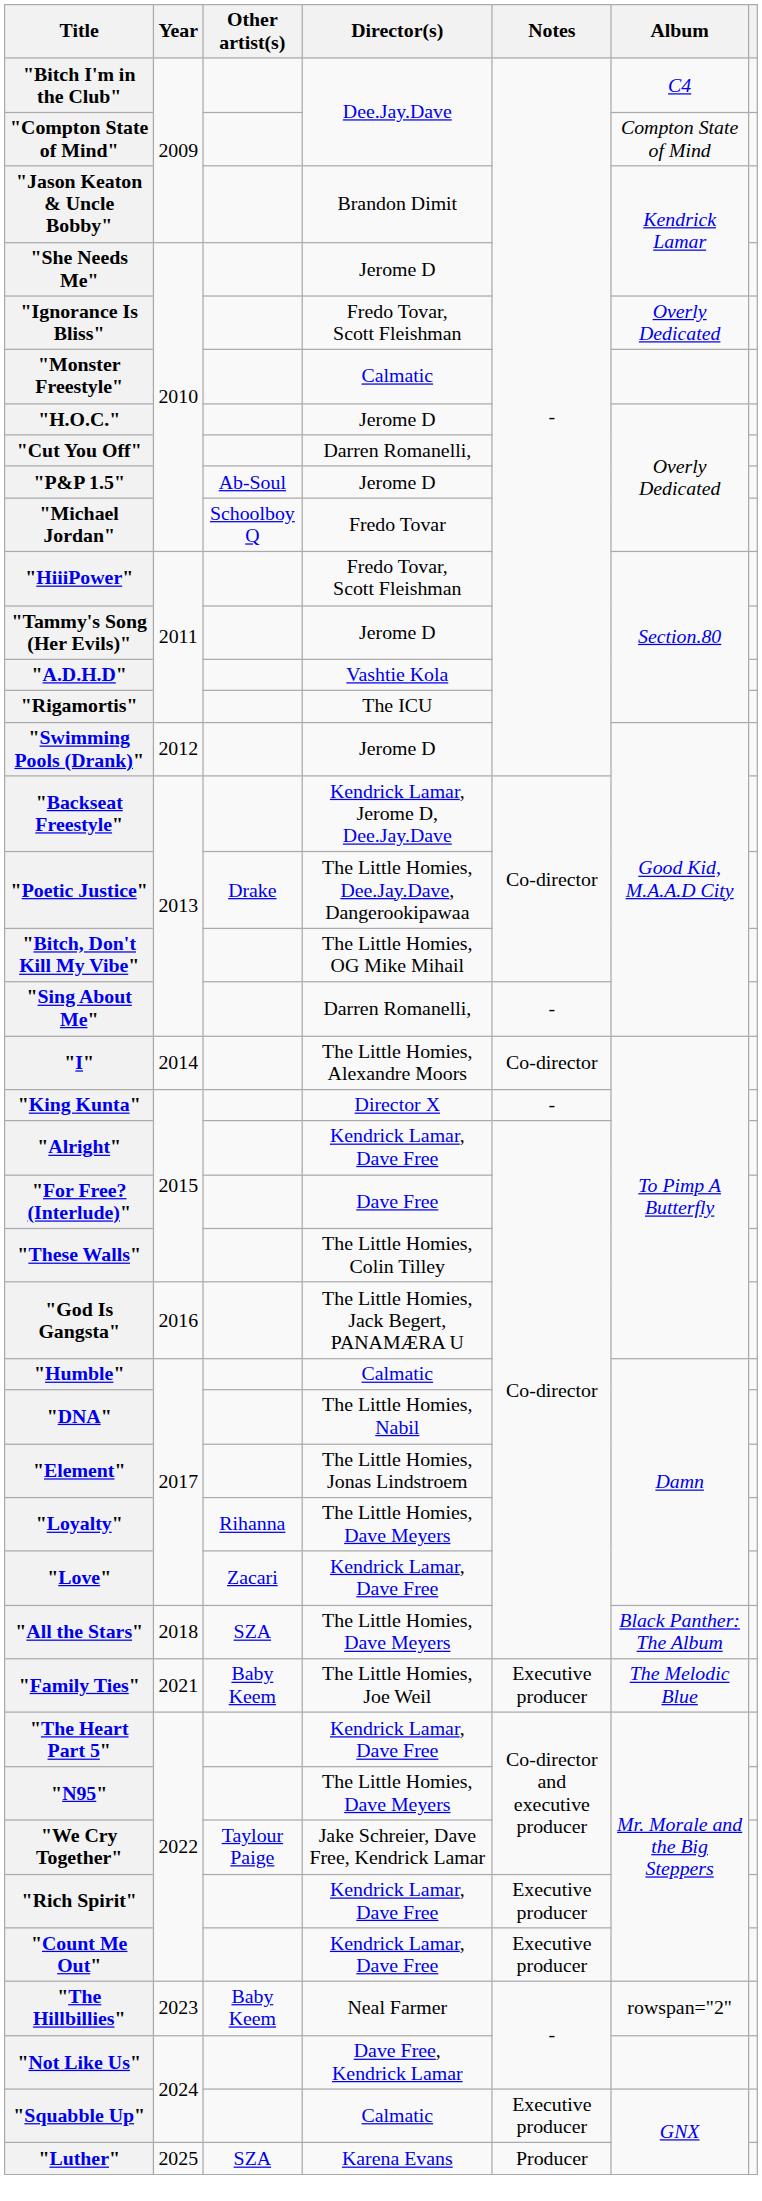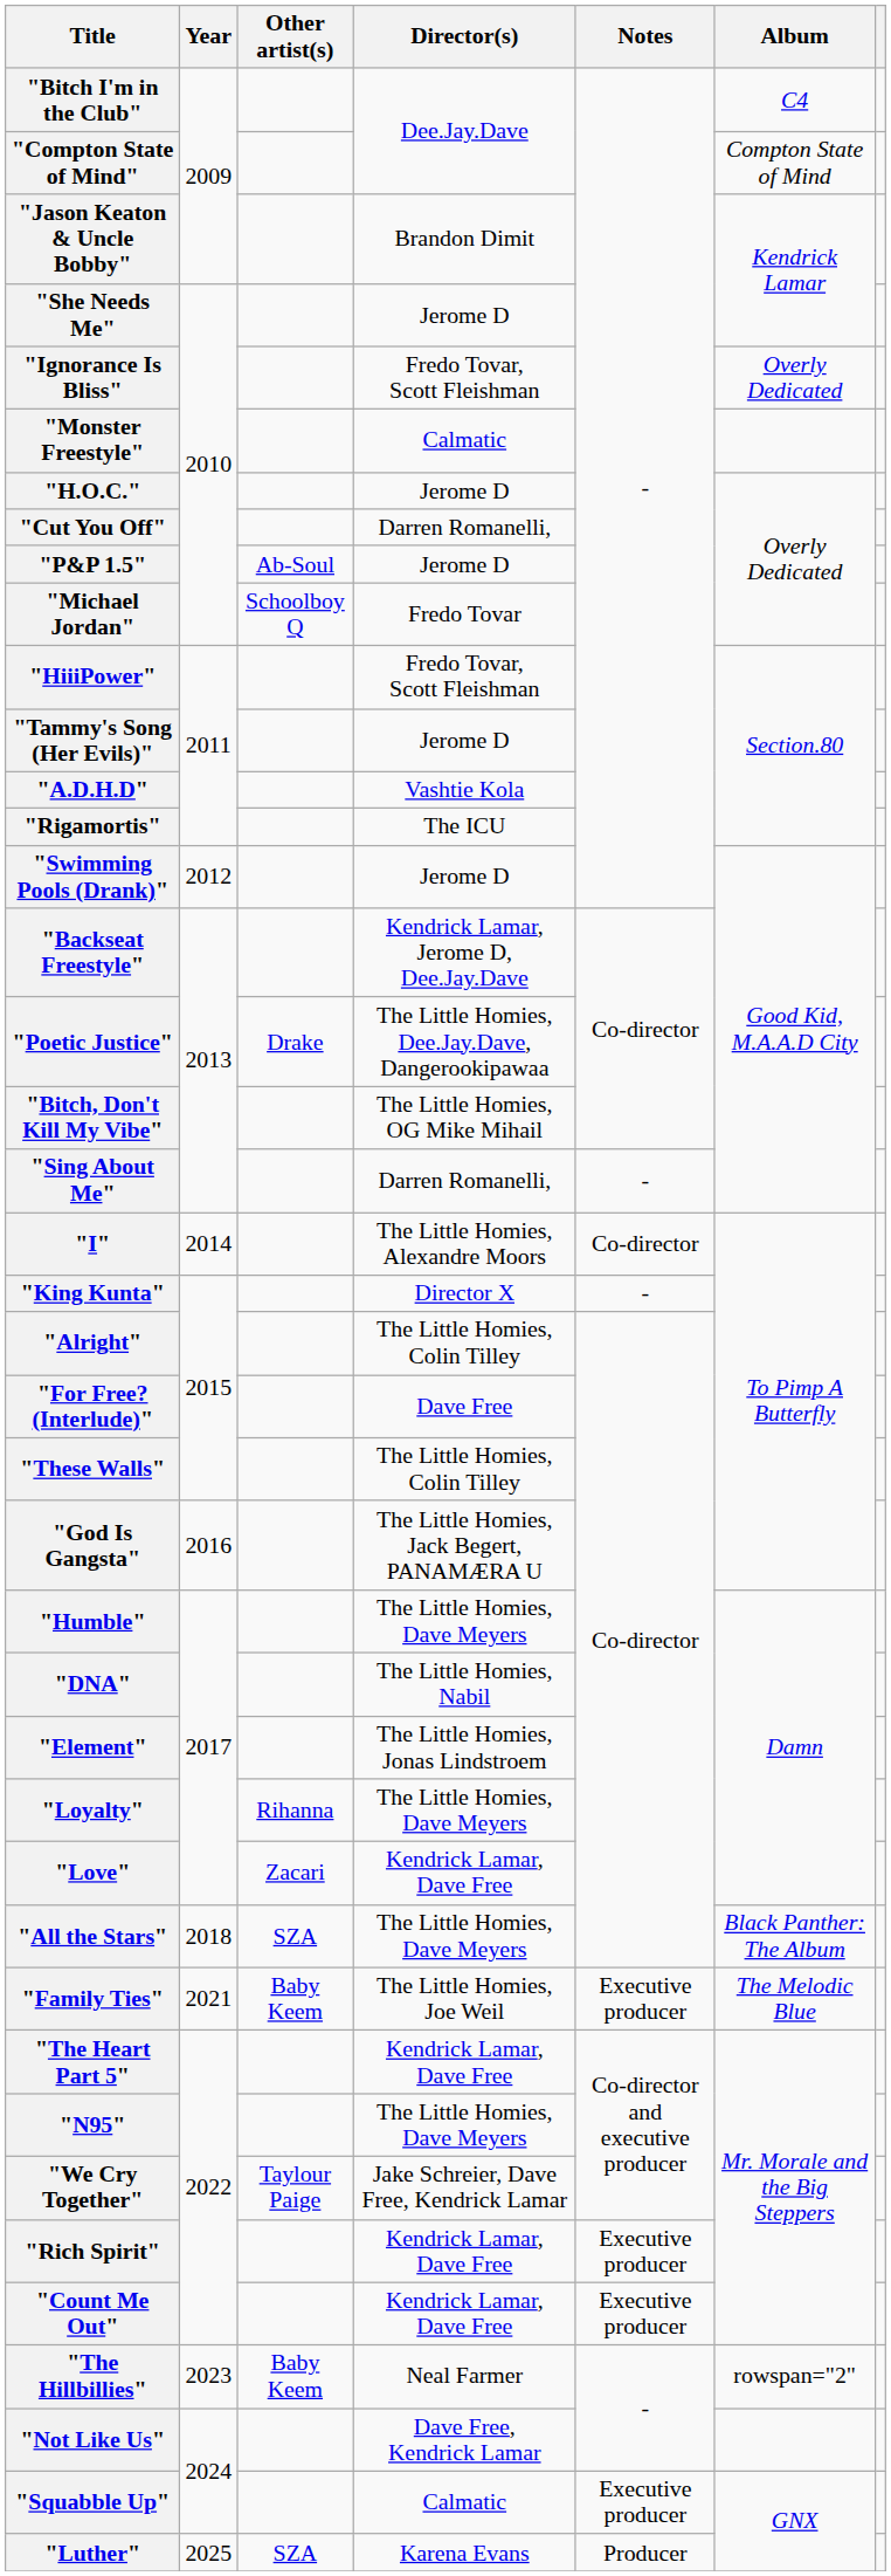 <table class="wikitable sortable plainrowheaders" style="text-align:center;">
 <tr>
 <th scope="col">Title</th>
 <th scope="col">Year</th>
 <th scope="col">Other artist(s)</th>
 <th scope="col">Director(s)</th>
 <th scope="col">Notes</th>
 <th scope="col">Album</th>
 <th scope="col" class=unsortable></th>
 </tr>
 <tr>
 <th scope="row">"Bitch I'm in the Club"</th>
 <td rowspan="3">2009</td>
 <td></td>
 <td rowspan="2"><a href='#'>Dee.Jay.Dave</a></td>
 <td rowspan="15">-</td>
 <td><em><a href='#'>C4</a></em></td>
 <td align="center"></td>
 </tr>
 <tr>
 <th scope="row">"Compton State of Mind"</th>
 <td></td>
 <td><em>Compton State of Mind</em></td>
 <td></td>
 </tr>
 <tr>
 <th scope="row">"Jason Keaton & Uncle Bobby"</th>
 <td></td>
 <td>Brandon Dimit</td>
 <td rowspan="2"><em><a href='#'>Kendrick Lamar</a></em></td>
 <td></td>
 </tr>
 <tr>
 <th scope="row">"She Needs Me"</th>
 <td rowspan="7">2010</td>
 <td></td>
 <td align="center">Jerome D</td>
 <td></td>
 </tr>
 <tr>
 <th scope="row">"Ignorance Is Bliss"</th>
 <td></td>
 <td>Fredo Tovar,<br>Scott Fleishman</td>
 <td><em><a href='#'>Overly Dedicated</a></em></td>
 <td></td>
 </tr>
 <tr>
 <th scope="row">"Monster Freestyle"</th>
 <td></td>
 <td><a href='#'>Calmatic</a></td>
 <td></td>
 <td></td>
 </tr>
 <tr>
 <th scope="row">"H.O.C."</th>
 <td></td>
 <td>Jerome D</td>
 <td rowspan="4"><em>Overly Dedicated</em></td>
 <td></td>
 </tr>
 <tr>
 <th scope="row">"Cut You Off"</th>
 <td></td>
 <td>Darren Romanelli,</td>
 <td></td>
 </tr>
 <tr>
 <th scope="row">"P&P 1.5"</th>
 <td><a href='#'>Ab-Soul</a></td>
 <td>Jerome D</td>
 <td></td>
 </tr>
 <tr>
 <th scope="row">"Michael Jordan"</th>
 <td><a href='#'>Schoolboy Q</a></td>
 <td>Fredo Tovar</td>
 <td align="center"></td>
 </tr>
 <tr>
 <th scope="row">"<a href='#'>HiiiPower</a>"</th>
 <td rowspan="4">2011</td>
 <td></td>
 <td>Fredo Tovar,<br>Scott Fleishman</td>
 <td rowspan="4"><em><a href='#'>Section.80</a></em></td>
 <td></td>
 </tr>
 <tr>
 <th scope="row">"Tammy's Song (Her Evils)"</th>
 <td></td>
 <td>Jerome D</td>
 <td></td>
 </tr>
 <tr>
 <th scope="row">"<a href='#'>A.D.H.D</a>"</th>
 <td></td>
 <td><a href='#'>Vashtie Kola</a></td>
 <td></td>
 </tr>
 <tr>
 <th scope="row">"Rigamortis"</th>
 <td></td>
 <td>The ICU</td>
 <td></td>
 </tr>
 <tr>
 <th scope="row">"<a href='#'>Swimming Pools (Drank)</a>"</th>
 <td>2012</td>
 <td></td>
 <td>Jerome D</td>
 <td rowspan="5"><em><a href='#'>Good Kid, M.A.A.D City</a></em></td>
 <td></td>
 </tr>
 <tr>
 <th scope="row">"<a href='#'>Backseat Freestyle</a>"</th>
 <td rowspan="4">2013</td>
 <td></td>
 <td><a href='#'>Kendrick Lamar</a>,<br>Jerome D,<br><a href='#'>Dee.Jay.Dave</a></td>
 <td rowspan="3">Co-director</td>
 <td></td>
 </tr>
 <tr>
 <th scope="row">"<a href='#'>Poetic Justice</a>"</th>
 <td><a href='#'>Drake</a></td>
 <td>The Little Homies,<br><a href='#'>Dee.Jay.Dave</a>,<br>Dangerookipawaa</td>
 <td></td>
 </tr>
 <tr>
 <th scope="row">"<a href='#'>Bitch, Don't Kill My Vibe</a>"</th>
 <td></td>
 <td>The Little Homies,<br>OG Mike Mihail</td>
 <td></td>
 </tr>
 <tr>
 <th scope="row">"<a href='#'>Sing About Me</a>"</th>
 <td></td>
 <td>Darren Romanelli,</td>
 <td>-</td>
 <td></td>
 </tr>
 <tr>
 <th scope="row">"<a href='#'>I</a>"</th>
 <td>2014</td>
 <td></td>
 <td>The Little Homies,<br>Alexandre Moors</td>
 <td>Co-director</td>
 <td rowspan="6"><em><a href='#'>To Pimp A Butterfly</a></em></td>
 <td></td>
 </tr>
 <tr>
 <th scope="row">"<a href='#'>King Kunta</a>"</th>
 <td rowspan="4">2015</td>
 <td></td>
 <td><a href='#'>Director X</a></td>
 <td>-</td>
 <td></td>
 </tr>
 <tr>
 <th scope="row">"<a href='#'>Alright</a>"</th>
 <td></td>
-<td><a href='#'>Kendrick Lamar</a>,<br><a href='#'>Dave Free</a></td>
+<td>The Little Homies,<br>Colin Tilley</td>
 <td rowspan="10">Co-director</td>
 <td></td>
 </tr>
 <tr>
 <th scope="row">"<a href='#'>For Free? (Interlude)</a>"</th>
 <td></td>
 <td><a href='#'>Dave Free</a></td>
 <td></td>
 </tr>
 <tr>
 <th scope="row">"<a href='#'>These Walls</a>"</th>
 <td></td>
 <td>The Little Homies,<br>Colin Tilley</td>
 <td></td>
 </tr>
 <tr>
 <th>"God Is Gangsta"</th>
 <td>2016</td>
 <td></td>
 <td>The Little Homies, Jack Begert, PANAMÆRA U</td>
 <td></td>
 </tr>
 <tr>
 <th scope="row">"<a href='#'>Humble</a>"</th>
 <td rowspan="5">2017</td>
 <td></td>
-<td><a href='#'>Calmatic</a></td>
+<td>The Little Homies,<br><a href='#'>Dave Meyers</a></td>
 <td rowspan="5"><em><a href='#'>Damn</a></em></td>
 <td></td>
 </tr>
 <tr>
 <th scope="row">"<a href='#'>DNA</a>"</th>
 <td></td>
 <td>The Little Homies,<br><a href='#'>Nabil</a></td>
 <td></td>
 </tr>
 <tr>
 <th scope="row">"<a href='#'>Element</a>"</th>
 <td></td>
 <td>The Little Homies,<br>Jonas Lindstroem</td>
 <td></td>
 </tr>
 <tr>
 <th scope="row">"<a href='#'>Loyalty</a>"</th>
 <td><a href='#'>Rihanna</a></td>
 <td>The Little Homies,<br><a href='#'>Dave Meyers</a></td>
 <td></td>
 </tr>
 <tr>
 <th scope="row">"<a href='#'>Love</a>"</th>
 <td><a href='#'>Zacari</a></td>
 <td><a href='#'>Kendrick Lamar</a>,<br><a href='#'>Dave Free</a></td>
 <td></td>
 </tr>
 <tr>
 <th scope="row">"<a href='#'>All the Stars</a>"</th>
 <td>2018</td>
 <td><a href='#'>SZA</a></td>
 <td>The Little Homies,<br><a href='#'>Dave Meyers</a></td>
 <td><em><a href='#'>Black Panther: The Album</a></em></td>
 <td></td>
 </tr>
 <tr>
 <th scope="row">"<a href='#'>Family Ties</a>"</th>
 <td>2021</td>
 <td><a href='#'>Baby Keem</a></td>
 <td>The Little Homies,<br>Joe Weil</td>
 <td>Executive producer</td>
 <td><em><a href='#'>The Melodic Blue</a></em></td>
 <td></td>
 </tr>
 <tr>
 <th scope="row">"<a href='#'>The Heart Part 5</a>"</th>
 <td rowspan="5">2022</td>
 <td></td>
 <td><a href='#'>Kendrick Lamar</a>,<br><a href='#'>Dave Free</a></td>
 <td rowspan="3">Co-director and executive producer</td>
 <td rowspan="5"><em><a href='#'>Mr. Morale and the Big Steppers</a></em></td>
 <td></td>
 </tr>
 <tr>
 <th scope="row">"<a href='#'>N95</a>"</th>
 <td></td>
 <td>The Little Homies,<br><a href='#'>Dave Meyers</a></td>
 <td></td>
 </tr>
 <tr>
 <th>"We Cry Together"</th>
 <td><a href='#'>Taylour Paige</a></td>
 <td>Jake Schreier, Dave Free, Kendrick Lamar</td>
 <td></td>
 </tr>
 <tr>
 <th scope="row">"Rich Spirit"</th>
 <td></td>
 <td><a href='#'>Kendrick Lamar</a>, <a href='#'>Dave Free</a></td>
 <td>Executive producer</td>
 <td></td>
 </tr>
 <tr>
 <th scope="row">"<a href='#'>Count Me Out</a>"</th>
 <td></td>
 <td><a href='#'>Kendrick Lamar</a>, <a href='#'>Dave Free</a></td>
 <td>Executive producer</td>
 <td></td>
 </tr>
 <tr>
 <th scope="row">"<a href='#'>The Hillbillies</a>"</th>
 <td>2023</td>
 <td><a href='#'>Baby Keem</a></td>
 <td>Neal Farmer</td>
 <td rowspan="2">-</td>
 <td>rowspan="2" </td>
 <td></td>
 </tr>
 <tr>
 <th scope="row">"<a href='#'>Not Like Us</a>"</th>
 <td rowspan="2">2024</td>
 <td></td>
 <td><a href='#'>Dave Free</a>,<br><a href='#'>Kendrick Lamar</a></td>
 <td></td>
 </tr>
 <tr>
 <th scope="row">"<a href='#'>Squabble Up</a>"</th>
 <td></td>
 <td><a href='#'>Calmatic</a></td>
 <td>Executive producer</td>
 <td rowspan="2"><em><a href='#'>GNX</a></em></td>
 <td></td>
 </tr>
 <tr>
 <th scope="row">"<a href='#'>Luther</a>"</th>
 <td>2025</td>
 <td><a href='#'>SZA</a></td>
 <td><a href='#'>Karena Evans</a></td>
 <td>Producer</td>
 <td></td>
 </tr>
 </table>
